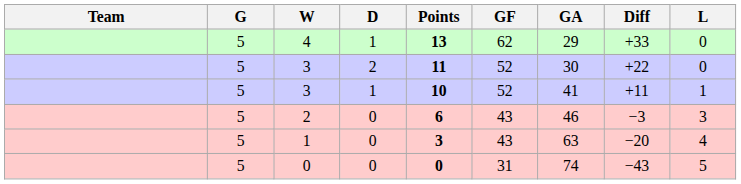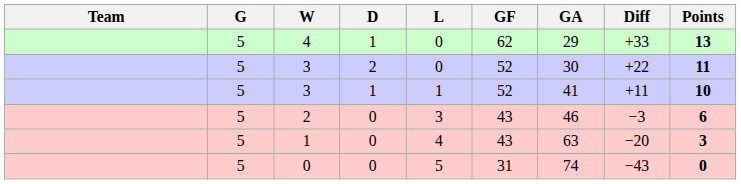 <table class=wikitable style="text-align:center">
 <tr bgcolor="#dcdcdc">
 <th width="200">Team</th>
 <th width="60">G</th>
 <th width="60">W</th>
 <th width="60">D</th>
-<th width="60">Points</th>
+<th width="60">L</th>
 <th width="60">GF</th>
 <th width="60">GA</th>
 <th width="60">Diff</th>
-<th width="60">L</th>
+<th width="60">Points</th>
 </tr>
 <tr bgcolor=ccffcc>
 <td align=left></td>
 <td>5</td>
 <td>4</td>
 <td>1</td>
-<td><strong>13</strong></td>
+<td>0</td>
 <td>62</td>
 <td>29</td>
 <td>+33</td>
-<td>0</td>
+<td><strong>13</strong></td>
 </tr>
 <tr bgcolor=ccccff>
 <td align=left></td>
 <td>5</td>
 <td>3</td>
 <td>2</td>
-<td><strong>11</strong></td>
+<td>0</td>
 <td>52</td>
 <td>30</td>
 <td>+22</td>
-<td>0</td>
+<td><strong>11</strong></td>
 </tr>
 <tr bgcolor=ccccff>
 <td align=left></td>
 <td>5</td>
 <td>3</td>
 <td>1</td>
-<td><strong>10</strong></td>
+<td>1</td>
 <td>52</td>
 <td>41</td>
 <td>+11</td>
-<td>1</td>
+<td><strong>10</strong></td>
 </tr>
 <tr bgcolor=ffcccc>
 <td align=left></td>
 <td>5</td>
 <td>2</td>
 <td>0</td>
-<td><strong>6</strong></td>
+<td>3</td>
 <td>43</td>
 <td>46</td>
 <td>−3</td>
-<td>3</td>
+<td><strong>6</strong></td>
 </tr>
 <tr bgcolor=ffcccc>
 <td align=left></td>
 <td>5</td>
 <td>1</td>
 <td>0</td>
-<td><strong>3</strong></td>
+<td>4</td>
 <td>43</td>
 <td>63</td>
 <td>−20</td>
-<td>4</td>
+<td><strong>3</strong></td>
 </tr>
 <tr bgcolor=ffcccc>
 <td align=left></td>
 <td>5</td>
 <td>0</td>
 <td>0</td>
-<td><strong>0</strong></td>
+<td>5</td>
 <td>31</td>
 <td>74</td>
 <td>−43</td>
-<td>5</td>
+<td><strong>0</strong></td>
 </tr>
 </table>
